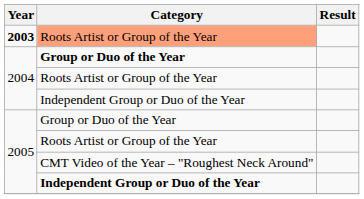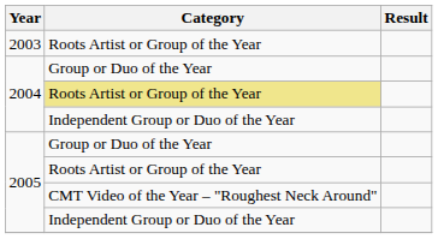 <table class="wikitable">
 <tr>
 <th>Year</th>
 <th>Category</th>
 <th>Result</th>
 </tr>
 <tr>
-<td><strong>2003</strong></td>
-<td style="background: lightsalmon;">Roots Artist or Group of the Year</td>
+<td>2003</td>
+<td>Roots Artist or Group of the Year</td>
 <td></td>
 </tr>
 <tr>
 <td rowspan="3">2004</td>
-<td><strong>Group or Duo of the Year</strong></td>
+<td>Group or Duo of the Year</td>
 <td></td>
 </tr>
 <tr>
-<td>Roots Artist or Group of the Year</td>
+<td style="background: khaki;">Roots Artist or Group of the Year</td>
 <td></td>
 </tr>
 <tr>
 <td>Independent Group or Duo of the Year</td>
 <td></td>
 </tr>
 <tr>
 <td rowspan="4">2005</td>
 <td>Group or Duo of the Year</td>
 <td></td>
 </tr>
 <tr>
 <td>Roots Artist or Group of the Year</td>
 <td></td>
 </tr>
 <tr>
 <td>CMT Video of the Year – "Roughest Neck Around"</td>
 <td></td>
 </tr>
 <tr>
-<td><strong>Independent Group or Duo of the Year</strong></td>
+<td>Independent Group or Duo of the Year</td>
 <td></td>
 </tr>
 <tr>
 </tr>
 </table>
